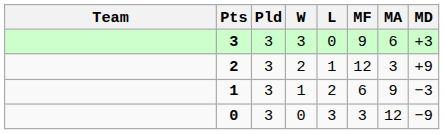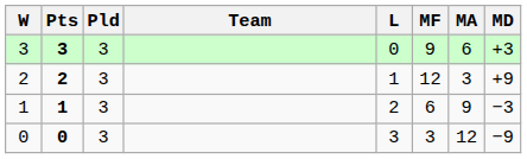 <table class=wikitable style="text-align:center">
 <tr>
-<th width=175>Team</th>
+<th width=20>W</th>
 <th width=20>Pts</th>
 <th width=20>Pld</th>
-<th width=20>W</th>
+<th width=175>Team</th>
 <th width=20>L</th>
 <th width=20>MF</th>
 <th width=20>MA</th>
 <th width=20>MD</th>
 </tr>
 <tr bgcolor=#ccffcc>
-<td align=left></td>
+<td>3</td>
 <td><strong>3</strong></td>
 <td>3</td>
-<td>3</td>
+<td align=left></td>
 <td>0</td>
 <td>9</td>
 <td>6</td>
 <td>+3</td>
 </tr>
 <tr>
-<td align=left></td>
+<td>2</td>
 <td><strong>2</strong></td>
 <td>3</td>
-<td>2</td>
+<td align=left></td>
 <td>1</td>
 <td>12</td>
 <td>3</td>
 <td>+9</td>
 </tr>
 <tr>
-<td align=left></td>
+<td>1</td>
 <td><strong>1</strong></td>
 <td>3</td>
-<td>1</td>
+<td align=left></td>
 <td>2</td>
 <td>6</td>
 <td>9</td>
 <td>−3</td>
 </tr>
 <tr>
-<td align=left></td>
+<td>0</td>
 <td><strong>0</strong></td>
 <td>3</td>
-<td>0</td>
+<td align=left></td>
 <td>3</td>
 <td>3</td>
 <td>12</td>
 <td>−9</td>
 </tr>
 </table>
